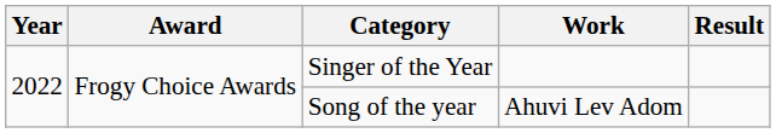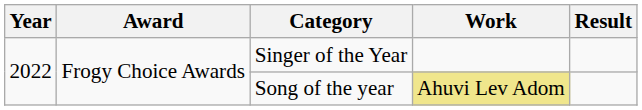 <table class="wikitable">
 <tr>
 <th>Year</th>
 <th>Award</th>
 <th>Category</th>
 <th>Work</th>
 <th>Result</th>
 </tr>
 <tr>
 <td rowspan=2 style="text-align: center;">2022</td>
 <td rowspan=2  style="text-align: center;">Frogy Choice Awards</td>
 <td>Singer of the Year</td>
 <td></td>
 <td></td>
 </tr>
 <tr>
 <td>Song of the year</td>
-<td>Ahuvi Lev Adom</td>
+<td style="background: khaki;">Ahuvi Lev Adom</td>
 <td></td>
 </tr>
 </table>
